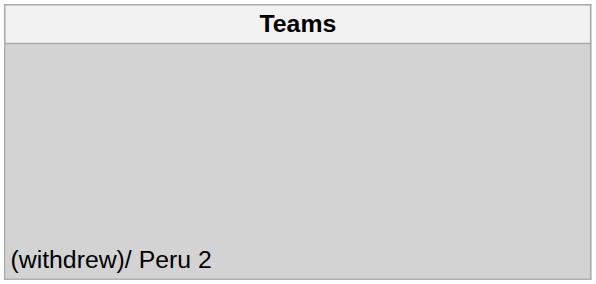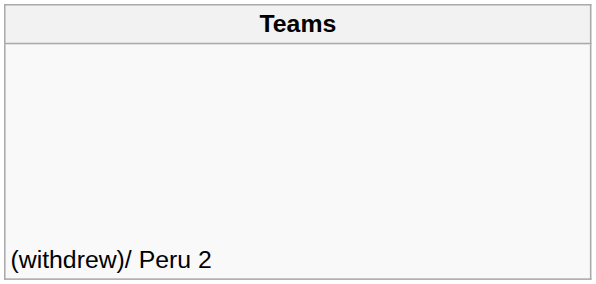 <table class="wikitable" width=30%>
 <tr>
 <th width=25%>Teams</th>
 </tr>
 <tr>
-<td style="background: lightgrey;"><br><br> <br> <br> <br> <br> <br> <em></em> (withdrew)/ Peru 2</td>
+<td><br><br> <br> <br> <br> <br> <br> <em></em> (withdrew)/ Peru 2</td>
 </tr>
 </table>
